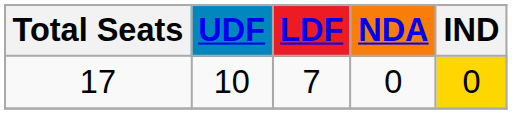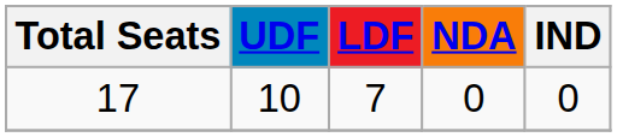 <table class="wikitable">
 <tr>
 <th scope="col">Total Seats</th>
 <th scope="col" style="background:#0087BD; color:black;"><a href='#'>UDF</a></th>
 <th scope="col" style="background:#ED1C24; color:black;"><a href='#'>LDF</a></th>
 <th scope="col" style="background:#F97D09; color:black;"><a href='#'>NDA</a></th>
 <th scope="col">IND</th>
 </tr>
 <tr>
 <td align="center">17</td>
 <td align="center">10</td>
 <td align="center">7</td>
 <td align="center">0</td>
-<td align="center" style="background: gold;">0</td>
+<td align="center">0</td>
 </tr>
 <tr>
 </tr>
 </table>
